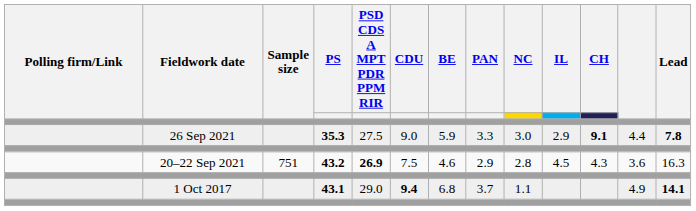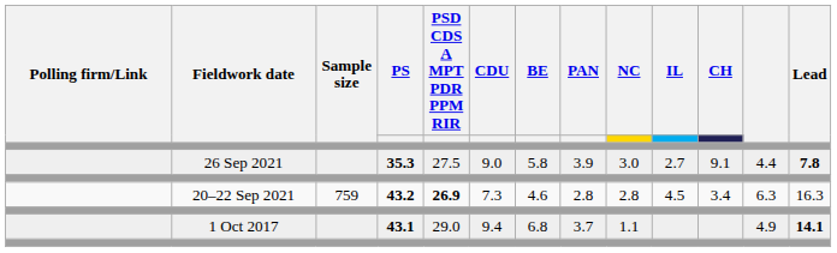 <table class="wikitable sortable mw-datatable" style="text-align:center;font-size:90%;line-height:16px;">
 <tr style="height:42px;">
 <th style="width:145px;" rowspan="2">Polling firm/Link</th>
 <th style="width:125px;" rowspan="2">Fieldwork date</th>
 <th class="unsortable" style="width:50px;" rowspan="2">Sample size</th>
 <th class="unsortable" style="width:35px;"><a href='#'>PS</a></th>
 <th class="unsortable" style="width:35px;"><a href='#'>PSD</a><br><a href='#'>CDS</a><br><a href='#'>A</a><br><a href='#'>MPT</a><br><a href='#'>PDR</a><br><a href='#'>PPM</a><br><a href='#'>RIR</a></th>
 <th class="unsortable" style="width:35px;"><a href='#'>CDU</a></th>
 <th class="unsortable" style="width:35px;"><a href='#'>BE</a></th>
 <th class="unsortable" style="width:35px;"><a href='#'>PAN</a></th>
 <th class="unsortable" style="width:35px;"><a href='#'>NC</a></th>
 <th class="unsortable" style="width:35px;"><a href='#'>IL</a></th>
 <th class="unsortable" style="width:35px;"><a href='#'>CH</a></th>
 <th class="unsortable" style="width:35px;" rowspan="2"></th>
 <th class="unsortable" style="width:30px;" rowspan="2">Lead</th>
 </tr>
 <tr>
 <th class="unsortable" style="color:inherit;background:"></th>
 <th class="unsortable" style="color:inherit;background:"></th>
 <th class="unsortable" style="color:inherit;background:"></th>
 <th class="unsortable" style="color:inherit;background:"></th>
 <th class="sortable" style="background:"></th>
 <th class="sortable" style="background:gold;"></th>
 <th class="sortable" style="background:#00ADEF;"></th>
 <th class="sortable" style="background:#202056;"></th>
 </tr>
 <tr>
 <td colspan="13" style="background:#A0A0A0"></td>
 </tr>
 <tr style="background:#EFEFEF;">
 <td><strong></strong></td>
 <td data-sort-value="2019-10-06">26 Sep 2021</td>
 <td></td>
 <td><strong>35.3</strong><br></td>
 <td>27.5<br></td>
 <td>9.0<br></td>
-<td>5.9<br></td>
-<td>3.3<br></td>
+<td>5.8<br></td>
+<td>3.9<br></td>
 <td>3.0<br></td>
-<td>2.9<br></td>
-<td><strong>9.1<br></strong></td>
+<td>2.7<br></td>
+<td>9.1<br></td>
 <td>4.4</td>
 <td style="background:"><strong>7.8</strong></td>
 </tr>
 <tr>
 <td colspan="13" style="background:#A0A0A0"></td>
 </tr>
 <tr>
 <td align="center"><br></td>
 <td align="center">20–22 Sep 2021</td>
-<td>751</td>
+<td>759</td>
 <td align="center" ><strong>43.2</strong><br></td>
 <td align="center"><strong>26.9<br></strong></td>
-<td align="center">7.5<br></td>
+<td align="center">7.3<br></td>
 <td align="center">4.6<br></td>
-<td align="center">2.9<br></td>
+<td align="center">2.8<br></td>
 <td align="center">2.8<br></td>
 <td align="center">4.5<br></td>
-<td align="center">4.3<br></td>
-<td align="center">3.6</td>
+<td align="center">3.4<br></td>
+<td align="center">6.3</td>
 <td style="background:">16.3</td>
 </tr>
 <tr>
 <td colspan="13" style="background:#A0A0A0"></td>
 </tr>
 <tr style="background:#EFEFEF;">
 <td><strong></strong></td>
 <td data-sort-value="2019-10-06">1 Oct 2017</td>
 <td></td>
 <td><strong>43.1</strong><br></td>
 <td>29.0<br></td>
-<td><strong>9.4<br></strong></td>
+<td>9.4<br></td>
 <td>6.8<br></td>
 <td>3.7<br></td>
 <td>1.1<br></td>
 <td></td>
 <td></td>
 <td>4.9<br></td>
 <td style="background:"><strong>14.1</strong></td>
 </tr>
 <tr>
 <td colspan="13" style="background:#A0A0A0"></td>
 </tr>
 </table>
